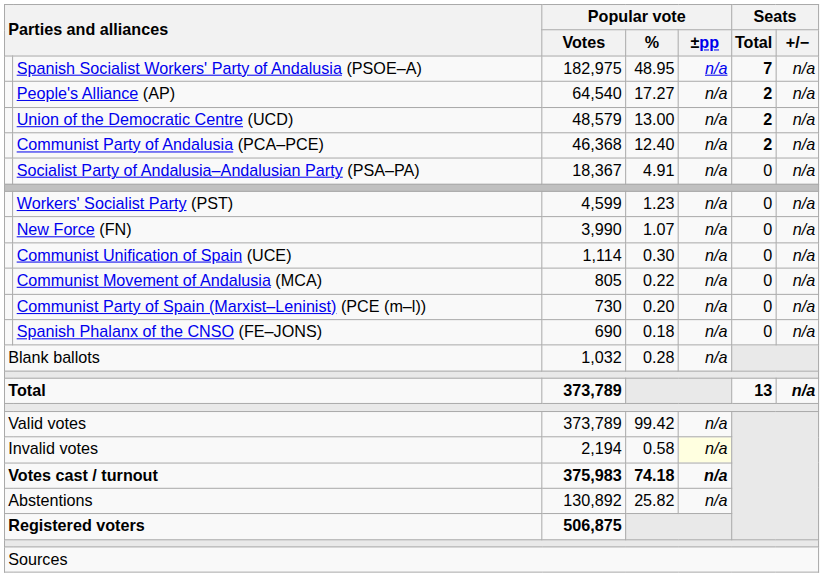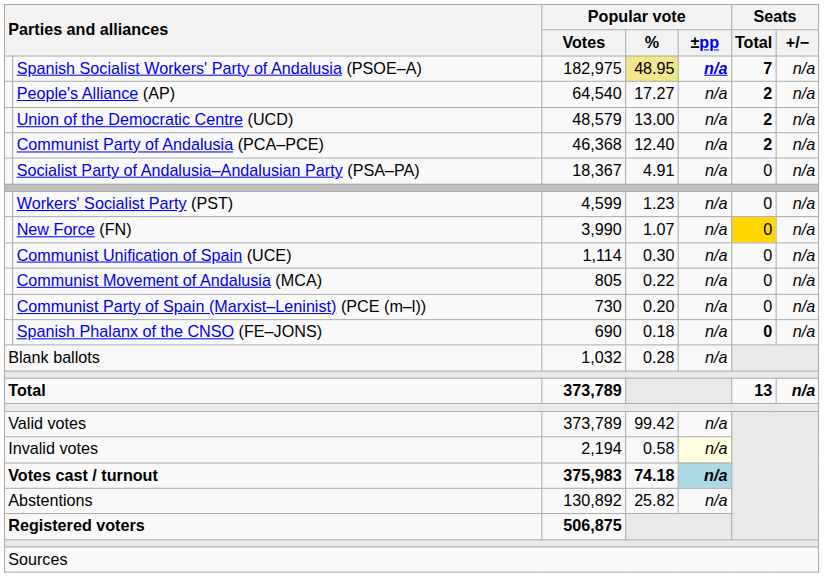 <table class="wikitable" style="text-align:right;">
 <tr>
 <th style="text-align:left;" rowspan="2" colspan="2" width="525">Parties and alliances</th>
 <th colspan="3">Popular vote</th>
 <th colspan="2">Seats</th>
 </tr>
 <tr>
 <th width="75">Votes</th>
 <th width="45">%</th>
 <th width="45">±<a href='#'>pp</a></th>
 <th width="35">Total</th>
 <th width="35">+/−</th>
 </tr>
 <tr>
 <td width="1" style="color:inherit;background:"></td>
 <td align="left"><a href='#'>Spanish Socialist Workers' Party of Andalusia</a> (PSOE–A)</td>
 <td>182,975</td>
-<td>48.95</td>
-<td><em><a href='#'>n/a</a></em></td>
+<td style="background: khaki;">48.95</td>
+<td><strong><em><a href='#'>n/a</a></em></strong></td>
 <td><strong>7</strong></td>
 <td><em>n/a</em></td>
 </tr>
 <tr>
 <td style="color:inherit;background:"></td>
 <td align="left"><a href='#'>People's Alliance</a> (AP)</td>
 <td>64,540</td>
 <td>17.27</td>
 <td><em>n/a</em></td>
 <td><strong>2</strong></td>
 <td><em>n/a</em></td>
 </tr>
 <tr>
 <td style="color:inherit;background:"></td>
 <td align="left"><a href='#'>Union of the Democratic Centre</a> (UCD)</td>
 <td>48,579</td>
 <td>13.00</td>
 <td><em>n/a</em></td>
 <td><strong>2</strong></td>
 <td><em>n/a</em></td>
 </tr>
 <tr>
 <td style="color:inherit;background:"></td>
 <td align="left"><a href='#'>Communist Party of Andalusia</a> (PCA–PCE)</td>
 <td>46,368</td>
 <td>12.40</td>
 <td><em>n/a</em></td>
 <td><strong>2</strong></td>
 <td><em>n/a</em></td>
 </tr>
 <tr>
 <td style="color:inherit;background:"></td>
 <td align="left"><a href='#'>Socialist Party of Andalusia–Andalusian Party</a> (PSA–PA)</td>
 <td>18,367</td>
 <td>4.91</td>
 <td><em>n/a</em></td>
 <td>0</td>
 <td><em>n/a</em></td>
 </tr>
 <tr>
 <td colspan="7" bgcolor="#C0C0C0"></td>
 </tr>
 <tr>
 <td style="color:inherit;background:"></td>
 <td align="left"><a href='#'>Workers' Socialist Party</a> (PST)</td>
 <td>4,599</td>
 <td>1.23</td>
 <td><em>n/a</em></td>
 <td>0</td>
 <td><em>n/a</em></td>
 </tr>
 <tr>
 <td style="color:inherit;background:"></td>
 <td align="left"><a href='#'>New Force</a> (FN)</td>
 <td>3,990</td>
 <td>1.07</td>
 <td><em>n/a</em></td>
-<td>0</td>
+<td style="background: gold;">0</td>
 <td><em>n/a</em></td>
 </tr>
 <tr>
 <td style="color:inherit;background:"></td>
 <td align="left"><a href='#'>Communist Unification of Spain</a> (UCE)</td>
 <td>1,114</td>
 <td>0.30</td>
 <td><em>n/a</em></td>
 <td>0</td>
 <td><em>n/a</em></td>
 </tr>
 <tr>
 <td style="color:inherit;background:"></td>
 <td align="left"><a href='#'>Communist Movement of Andalusia</a> (MCA)</td>
 <td>805</td>
 <td>0.22</td>
 <td><em>n/a</em></td>
 <td>0</td>
 <td><em>n/a</em></td>
 </tr>
 <tr>
 <td style="color:inherit;background:"></td>
 <td align="left"><a href='#'>Communist Party of Spain (Marxist–Leninist)</a> (PCE (m–l))</td>
 <td>730</td>
 <td>0.20</td>
 <td><em>n/a</em></td>
 <td>0</td>
 <td><em>n/a</em></td>
 </tr>
 <tr>
 <td style="color:inherit;background:"></td>
 <td align="left"><a href='#'>Spanish Phalanx of the CNSO</a> (FE–JONS)</td>
 <td>690</td>
 <td>0.18</td>
 <td><em>n/a</em></td>
-<td>0</td>
+<td><strong>0</strong></td>
 <td><em>n/a</em></td>
 </tr>
 <tr>
 <td align="left" colspan="2">Blank ballots</td>
 <td>1,032</td>
 <td>0.28</td>
 <td><em>n/a</em></td>
 <td bgcolor="#E9E9E9" colspan="2"></td>
 </tr>
 <tr>
 <td colspan="7" bgcolor="#E9E9E9"></td>
 </tr>
 <tr style="font-weight:bold;">
 <td align="left" colspan="2">Total</td>
 <td>373,789</td>
 <td bgcolor="#E9E9E9" colspan="2"></td>
 <td>13</td>
 <td><em>n/a</em></td>
 </tr>
 <tr>
 <td colspan="7" bgcolor="#E9E9E9"></td>
 </tr>
 <tr>
 <td align="left" colspan="2">Valid votes</td>
 <td>373,789</td>
 <td>99.42</td>
 <td><em>n/a</em></td>
 <td bgcolor="#E9E9E9" colspan="2" rowspan="5"></td>
 </tr>
 <tr>
 <td align="left" colspan="2">Invalid votes</td>
 <td>2,194</td>
 <td>0.58</td>
 <td style="background: lightyellow;"><em>n/a</em></td>
 </tr>
 <tr style="font-weight:bold;">
 <td align="left" colspan="2">Votes cast / turnout</td>
 <td>375,983</td>
 <td>74.18</td>
-<td><em>n/a</em></td>
+<td style="background: lightblue;"><em>n/a</em></td>
 </tr>
 <tr>
 <td align="left" colspan="2">Abstentions</td>
 <td>130,892</td>
 <td>25.82</td>
 <td><em>n/a</em></td>
 </tr>
 <tr style="font-weight:bold;">
 <td align="left" colspan="2">Registered voters</td>
 <td>506,875</td>
 <td bgcolor="#E9E9E9" colspan="2"></td>
 </tr>
 <tr>
 <td colspan="7" bgcolor="#E9E9E9"></td>
 </tr>
 <tr>
 <td align="left" colspan="7">Sources</td>
 </tr>
 </table>
